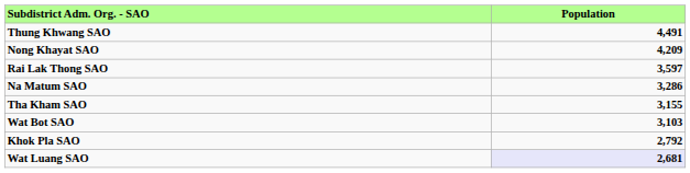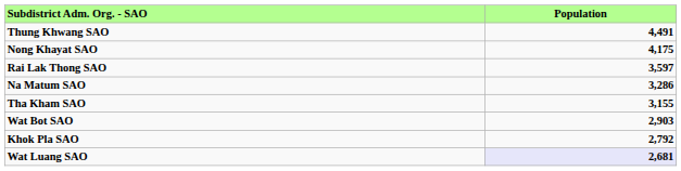 <table class="wikitable" style="width:48%; display:inline-table;">
 <tr>
 <td style= "background: #b4ff90;"><strong>Subdistrict Adm. Org. - SAO</strong></td>
 <td style= "background: #b4ff90; text-align:center;"><strong>Population</strong></td>
 </tr>
 <tr>
 <td><strong>Thung Khwang SAO</strong></td>
 <td style="text-align:right;"><strong>4,491</strong></td>
 </tr>
 <tr>
 <td><strong>Nong Khayat SAO</strong></td>
-<td style="text-align:right;"><strong>4,209</strong></td>
+<td style="text-align:right;"><strong>4,175</strong></td>
 </tr>
 <tr>
 <td><strong>Rai Lak Thong SAO</strong></td>
 <td style="text-align:right;"><strong>3,597</strong></td>
 </tr>
 <tr>
 <td><strong>Na Matum SAO</strong></td>
 <td style="text-align:right;"><strong>3,286</strong></td>
 </tr>
 <tr>
 <td><strong>Tha Kham SAO</strong></td>
 <td style="text-align:right;"><strong>3,155</strong></td>
 </tr>
 <tr>
 <td><strong>Wat Bot SAO</strong></td>
-<td style="text-align:right;"><strong>3,103</strong></td>
+<td style="text-align:right;"><strong>2,903</strong></td>
 </tr>
 <tr>
 <td><strong>Khok Pla SAO</strong></td>
 <td style="text-align:right;"><strong>2,792</strong></td>
 </tr>
 <tr>
 <td><strong>Wat Luang SAO</strong></td>
 <td style="background: lavender; text-align:right;"><strong>2,681</strong></td>
 </tr>
 </table>
